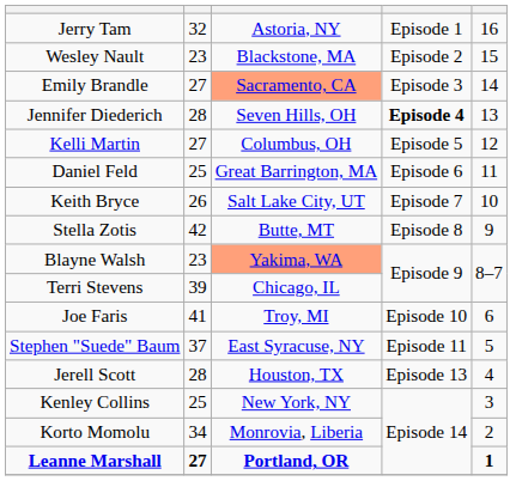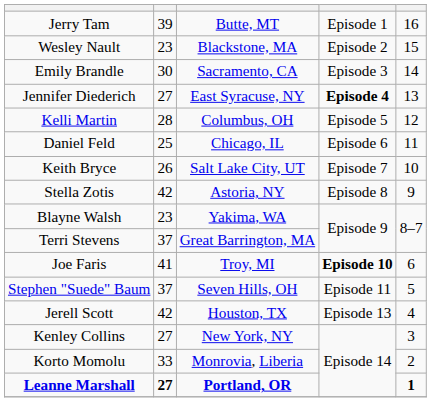 <table class="wikitable sortable" style="text-align:center;">
 <tr>
 <th></th>
 <th></th>
 <th></th>
 <th></th>
 <th></th>
 </tr>
 <tr>
 <td>Jerry Tam</td>
-<td>32</td>
-<td><a href='#'>Astoria, NY</a></td>
+<td>39</td>
+<td><a href='#'>Butte, MT</a></td>
 <td>Episode 1</td>
 <td>16</td>
 </tr>
 <tr>
 <td>Wesley Nault</td>
 <td>23</td>
 <td><a href='#'>Blackstone, MA</a></td>
 <td>Episode 2</td>
 <td>15</td>
 </tr>
 <tr>
 <td>Emily Brandle</td>
-<td>27</td>
-<td style="background: lightsalmon;"><a href='#'>Sacramento, CA</a></td>
+<td>30</td>
+<td><a href='#'>Sacramento, CA</a></td>
 <td>Episode 3</td>
 <td>14</td>
 </tr>
 <tr>
 <td>Jennifer Diederich</td>
-<td>28</td>
-<td><a href='#'>Seven Hills, OH</a></td>
+<td>27</td>
+<td><a href='#'>East Syracuse, NY</a></td>
 <td><strong>Episode 4</strong></td>
 <td>13</td>
 </tr>
 <tr>
 <td><a href='#'>Kelli Martin</a></td>
-<td>27</td>
+<td>28</td>
 <td><a href='#'>Columbus, OH</a></td>
 <td>Episode 5</td>
 <td>12</td>
 </tr>
 <tr>
 <td>Daniel Feld</td>
 <td>25</td>
-<td><a href='#'>Great Barrington, MA</a></td>
+<td><a href='#'>Chicago, IL</a></td>
 <td>Episode 6</td>
 <td>11</td>
 </tr>
 <tr>
 <td>Keith Bryce</td>
 <td>26</td>
 <td><a href='#'>Salt Lake City, UT</a></td>
 <td>Episode 7</td>
 <td>10</td>
 </tr>
 <tr>
 <td>Stella Zotis</td>
 <td>42</td>
-<td><a href='#'>Butte, MT</a></td>
+<td><a href='#'>Astoria, NY</a></td>
 <td>Episode 8</td>
 <td>9</td>
 </tr>
 <tr>
 <td>Blayne Walsh</td>
 <td>23</td>
-<td style="background: lightsalmon;"><a href='#'>Yakima, WA</a></td>
+<td><a href='#'>Yakima, WA</a></td>
 <td rowspan="2">Episode 9</td>
 <td rowspan="2">8–7</td>
 </tr>
 <tr>
 <td>Terri Stevens</td>
-<td>39</td>
-<td><a href='#'>Chicago, IL</a></td>
+<td>37</td>
+<td><a href='#'>Great Barrington, MA</a></td>
 </tr>
 <tr>
 <td>Joe Faris</td>
 <td>41</td>
 <td><a href='#'>Troy, MI</a></td>
-<td>Episode 10</td>
+<td><strong>Episode 10</strong></td>
 <td>6</td>
 </tr>
 <tr>
 <td><a href='#'>Stephen "Suede" Baum</a></td>
 <td>37</td>
-<td><a href='#'>East Syracuse, NY</a></td>
+<td><a href='#'>Seven Hills, OH</a></td>
 <td>Episode 11</td>
 <td>5</td>
 </tr>
 <tr>
 <td>Jerell Scott</td>
-<td>28</td>
+<td>42</td>
 <td><a href='#'>Houston, TX</a></td>
 <td>Episode 13</td>
 <td>4</td>
 </tr>
 <tr>
 <td>Kenley Collins</td>
-<td>25</td>
+<td>27</td>
 <td><a href='#'>New York, NY</a></td>
 <td rowspan="3">Episode 14</td>
 <td>3</td>
 </tr>
 <tr>
 <td>Korto Momolu</td>
-<td>34</td>
+<td>33</td>
 <td><a href='#'>Monrovia</a>, <a href='#'>Liberia</a></td>
 <td>2</td>
 </tr>
 <tr>
 <td><strong><a href='#'>Leanne Marshall</a></strong></td>
 <td><strong>27</strong></td>
 <td><strong><a href='#'>Portland, OR</a></strong></td>
 <td><strong>1</strong></td>
 </tr>
 <tr>
 </tr>
 </table>
